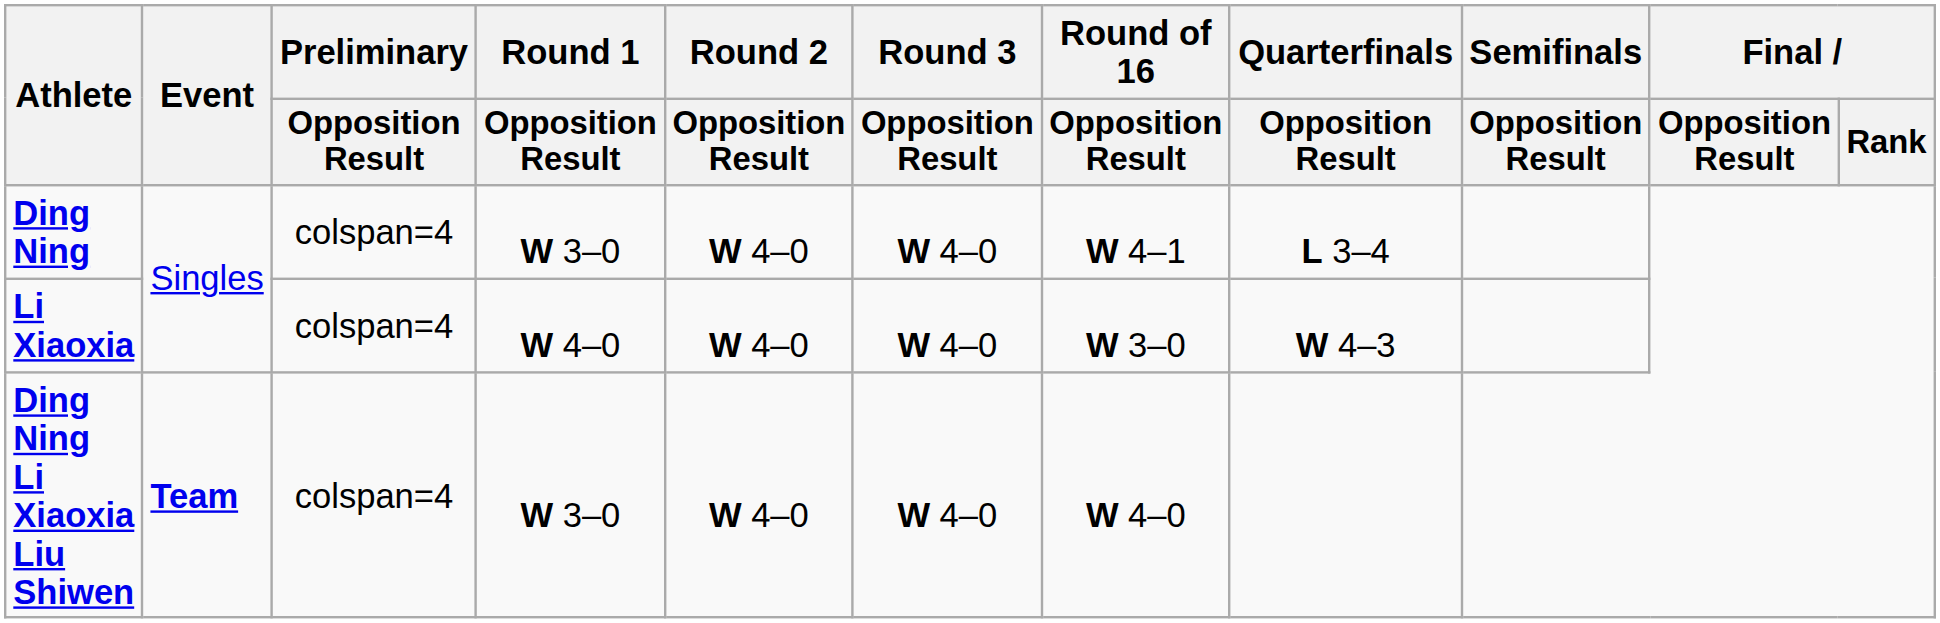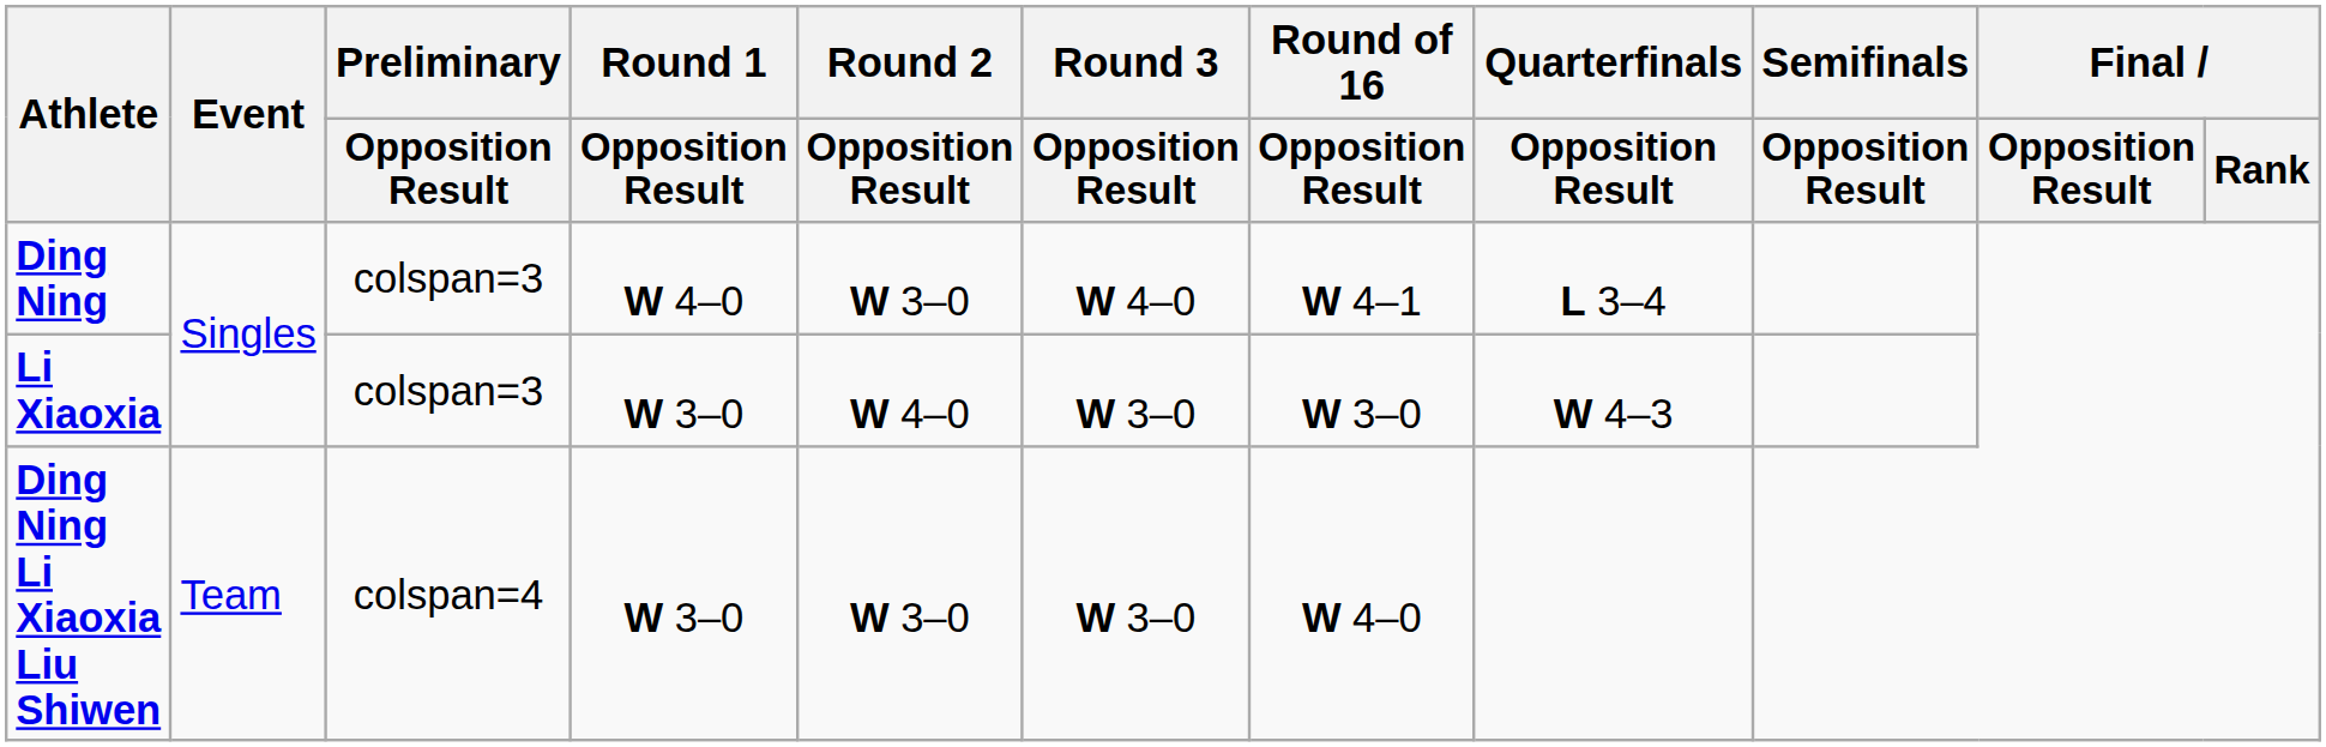 <table class="wikitable" style="font-size:90%;">
 <tr>
 <th rowspan=2>Athlete</th>
 <th rowspan=2>Event</th>
 <th>Preliminary</th>
 <th>Round 1</th>
 <th>Round 2</th>
 <th>Round 3</th>
 <th>Round of 16</th>
 <th>Quarterfinals</th>
 <th>Semifinals</th>
 <th colspan=2>Final / </th>
 </tr>
 <tr style="font-size:95%">
 <th>Opposition<br>Result</th>
 <th>Opposition<br>Result</th>
 <th>Opposition<br>Result</th>
 <th>Opposition<br>Result</th>
 <th>Opposition<br>Result</th>
 <th>Opposition<br>Result</th>
 <th>Opposition<br>Result</th>
 <th>Opposition<br>Result</th>
 <th>Rank</th>
 </tr>
 <tr align=center>
 <td align=left><strong><a href='#'>Ding Ning</a></strong></td>
 <td align=left rowspan=2><a href='#'>Singles</a></td>
-<td>colspan=4 </td>
+<td>colspan=3 </td>
+<td><br><strong>W</strong> 4–0</td>
 <td><br><strong>W</strong> 3–0</td>
-<td><br><strong>W</strong> 4–0</td>
 <td><br><strong>W</strong> 4–0</td>
 <td><br><strong>W</strong> 4–1</td>
 <td><br><strong>L</strong> 3–4</td>
 <td></td>
 </tr>
 <tr align=center>
 <td align=left><strong><a href='#'>Li Xiaoxia</a></strong></td>
-<td>colspan=4 </td>
+<td>colspan=3 </td>
+<td><br><strong>W</strong> 3–0</td>
 <td><br><strong>W</strong> 4–0</td>
-<td><br><strong>W</strong> 4–0</td>
-<td><br><strong>W</strong> 4–0</td>
+<td><br><strong>W</strong> 3–0</td>
 <td><br><strong>W</strong> 3–0</td>
 <td><br><strong>W</strong> 4–3</td>
 <td></td>
 </tr>
 <tr align=center>
 <td align=left><strong><a href='#'>Ding Ning</a><br><a href='#'>Li Xiaoxia</a><br><a href='#'>Liu Shiwen</a></strong></td>
-<td align=left><strong><a href='#'>Team</a></strong></td>
+<td align=left><a href='#'>Team</a></td>
 <td>colspan=4 </td>
 <td><br><strong>W</strong> 3–0</td>
-<td><br><strong>W</strong> 4–0</td>
-<td><br><strong>W</strong> 4–0</td>
+<td><br><strong>W</strong> 3–0</td>
+<td><br><strong>W</strong> 3–0</td>
 <td><br><strong>W</strong> 4–0</td>
 <td></td>
 </tr>
 </table>
